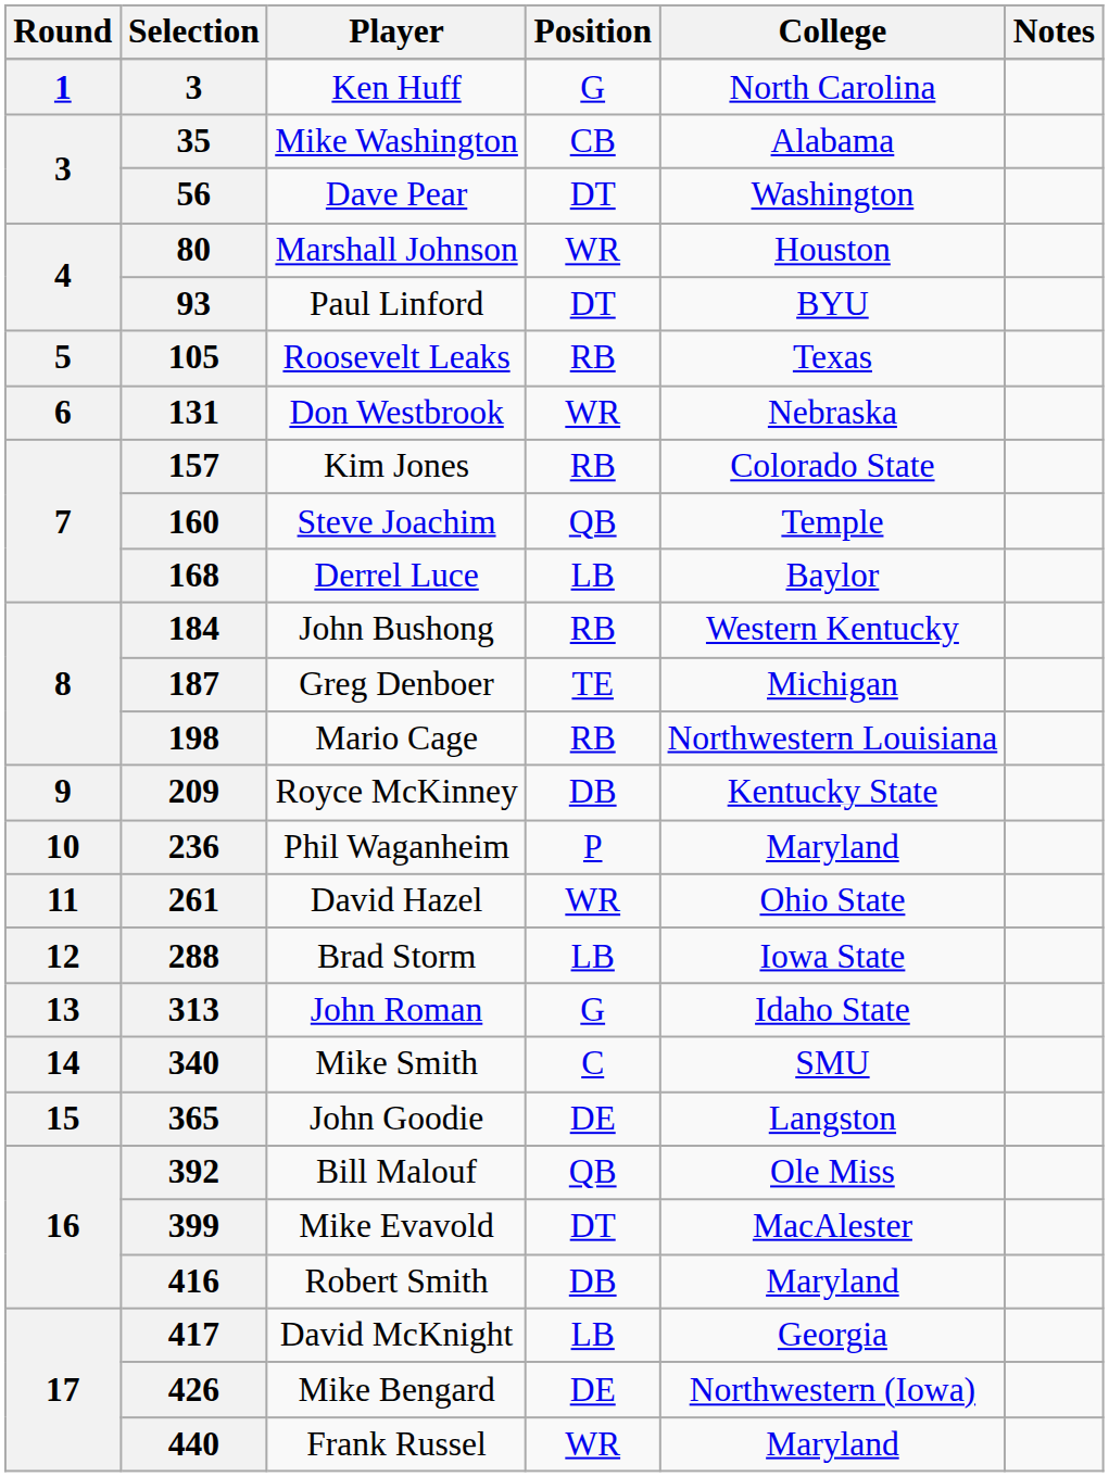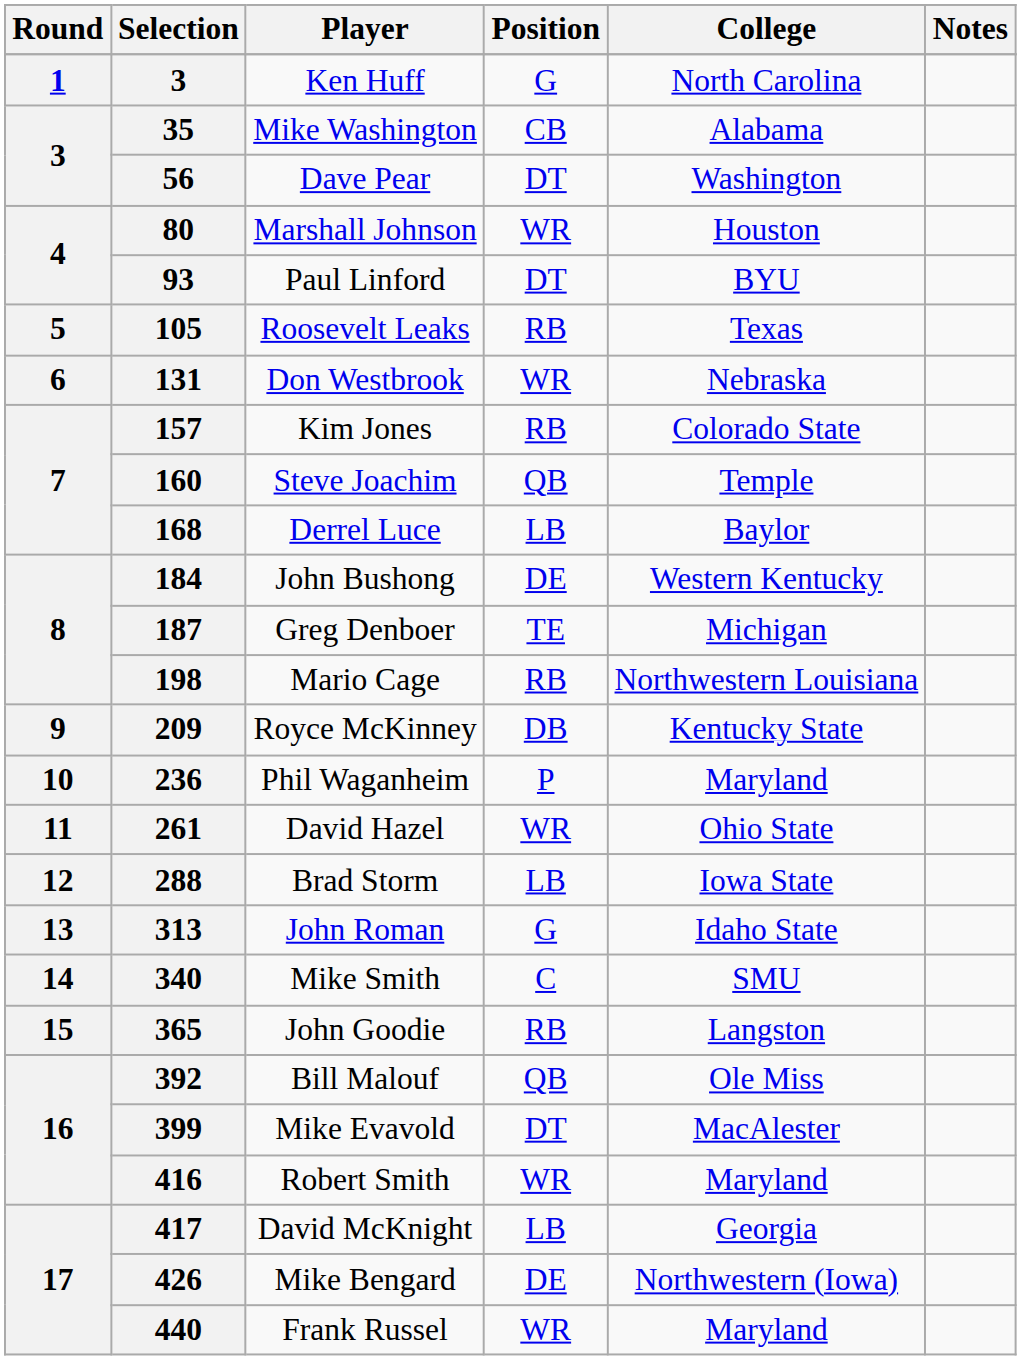 <table class="wikitable" style="text-align:center">
 <tr>
 <th>Round</th>
 <th>Selection</th>
 <th>Player</th>
 <th>Position</th>
 <th>College</th>
 <th>Notes</th>
 </tr>
 <tr Team>
 </tr>
 <tr>
 <th align=center><a href='#'>1</a></th>
 <th align=center>3</th>
 <td align=center><a href='#'>Ken Huff</a></td>
 <td align=center><a href='#'>G</a></td>
 <td align=center><a href='#'>North Carolina</a></td>
 <td></td>
 </tr>
 <tr>
 <th align=center rowspan="2">3</th>
 <th align=center>35</th>
 <td align=center><a href='#'>Mike Washington</a></td>
 <td align=center><a href='#'>CB</a></td>
 <td align=center><a href='#'>Alabama</a></td>
 <td></td>
 </tr>
 <tr>
 <th align=center>56</th>
 <td align=center><a href='#'>Dave Pear</a></td>
 <td align=center><a href='#'>DT</a></td>
 <td align=center><a href='#'>Washington</a></td>
 <td></td>
 </tr>
 <tr>
 <th align=center rowspan="2">4</th>
 <th align=center>80</th>
 <td align=center><a href='#'>Marshall Johnson</a></td>
 <td align=center><a href='#'>WR</a></td>
 <td align=center><a href='#'>Houston</a></td>
 <td></td>
 </tr>
 <tr>
 <th align=center>93</th>
 <td align=center>Paul Linford</td>
 <td align=center><a href='#'>DT</a></td>
 <td align=center><a href='#'>BYU</a></td>
 <td></td>
 </tr>
 <tr>
 <th align=center>5</th>
 <th align=center>105</th>
 <td align=center><a href='#'>Roosevelt Leaks</a></td>
 <td align=center><a href='#'>RB</a></td>
 <td align=center><a href='#'>Texas</a></td>
 <td></td>
 </tr>
 <tr>
 <th align=center>6</th>
 <th align=center>131</th>
 <td align=center><a href='#'>Don Westbrook</a></td>
 <td align=center><a href='#'>WR</a></td>
 <td align=center><a href='#'>Nebraska</a></td>
 <td></td>
 </tr>
 <tr>
 <th rowspan="3" align="center">7</th>
 <th align=center>157</th>
 <td align=center>Kim Jones</td>
 <td align=center><a href='#'>RB</a></td>
 <td align=center><a href='#'>Colorado State</a></td>
 <td></td>
 </tr>
 <tr>
 <th align=center>160</th>
 <td align=center><a href='#'>Steve Joachim</a></td>
 <td align=center><a href='#'>QB</a></td>
 <td align=center><a href='#'>Temple</a></td>
 <td></td>
 </tr>
 <tr>
 <th align=center>168</th>
 <td align=center><a href='#'>Derrel Luce</a></td>
 <td align=center><a href='#'>LB</a></td>
 <td align=center><a href='#'>Baylor</a></td>
 <td></td>
 </tr>
 <tr>
 <th align=center rowspan="3">8</th>
 <th align=center>184</th>
 <td align=center>John Bushong</td>
-<td align=center><a href='#'>RB</a></td>
+<td align=center><a href='#'>DE</a></td>
 <td align=center><a href='#'>Western Kentucky</a></td>
 <td></td>
 </tr>
 <tr>
 <th align=center>187</th>
 <td align=center>Greg Denboer</td>
 <td align=center><a href='#'>TE</a></td>
 <td align=center><a href='#'>Michigan</a></td>
 <td></td>
 </tr>
 <tr>
 <th align=center>198</th>
 <td align=center>Mario Cage</td>
 <td align=center><a href='#'>RB</a></td>
 <td align=center><a href='#'>Northwestern Louisiana</a></td>
 <td></td>
 </tr>
 <tr>
 <th align=center>9</th>
 <th align=center>209</th>
 <td align=center>Royce McKinney</td>
 <td align=center><a href='#'>DB</a></td>
 <td align=center><a href='#'>Kentucky State</a></td>
 <td></td>
 </tr>
 <tr>
 <th align=center>10</th>
 <th align=center>236</th>
 <td align=center>Phil Waganheim</td>
 <td align=center><a href='#'>P</a></td>
 <td align=center><a href='#'>Maryland</a></td>
 <td></td>
 </tr>
 <tr>
 <th align=center>11</th>
 <th align=center>261</th>
 <td align=center>David Hazel</td>
 <td align=center><a href='#'>WR</a></td>
 <td align=center><a href='#'>Ohio State</a></td>
 <td></td>
 </tr>
 <tr>
 <th align=center>12</th>
 <th align=center>288</th>
 <td align=center>Brad Storm</td>
 <td align=center><a href='#'>LB</a></td>
 <td align=center><a href='#'>Iowa State</a></td>
 <td></td>
 </tr>
 <tr>
 <th align=center>13</th>
 <th align=center>313</th>
 <td align=center><a href='#'>John Roman</a></td>
 <td align=center><a href='#'>G</a></td>
 <td align=center><a href='#'>Idaho State</a></td>
 <td></td>
 </tr>
 <tr>
 <th align=center>14</th>
 <th align=center>340</th>
 <td align=center>Mike Smith</td>
 <td align=center><a href='#'>C</a></td>
 <td align=center><a href='#'>SMU</a></td>
 <td></td>
 </tr>
 <tr>
 <th align=center>15</th>
 <th align=center>365</th>
 <td align=center>John Goodie</td>
-<td align=center><a href='#'>DE</a></td>
+<td align=center><a href='#'>RB</a></td>
 <td align=center><a href='#'>Langston</a></td>
 <td></td>
 </tr>
 <tr>
 <th align=center rowspan="3">16</th>
 <th align=center>392</th>
 <td align=center>Bill Malouf</td>
 <td align=center><a href='#'>QB</a></td>
 <td align=center><a href='#'>Ole Miss</a></td>
 <td></td>
 </tr>
 <tr>
 <th align=center>399</th>
 <td align=center>Mike Evavold</td>
 <td align=center><a href='#'>DT</a></td>
 <td align=center><a href='#'>MacAlester</a></td>
 <td></td>
 </tr>
 <tr>
 <th align=center>416</th>
 <td align=center>Robert Smith</td>
-<td align=center><a href='#'>DB</a></td>
+<td align=center><a href='#'>WR</a></td>
 <td align=center><a href='#'>Maryland</a></td>
 <td></td>
 </tr>
 <tr>
 <th align=center rowspan="3">17</th>
 <th align=center>417</th>
 <td align=center>David McKnight</td>
 <td align=center><a href='#'>LB</a></td>
 <td align=center><a href='#'>Georgia</a></td>
 <td></td>
 </tr>
 <tr>
 <th align=center>426</th>
 <td align=center>Mike Bengard</td>
 <td align=center><a href='#'>DE</a></td>
 <td align=center><a href='#'>Northwestern (Iowa)</a></td>
 <td></td>
 </tr>
 <tr>
 <th align=center>440</th>
 <td align=center>Frank Russel</td>
 <td align=center><a href='#'>WR</a></td>
 <td align=center><a href='#'>Maryland</a></td>
 <td></td>
 </tr>
 </table>
